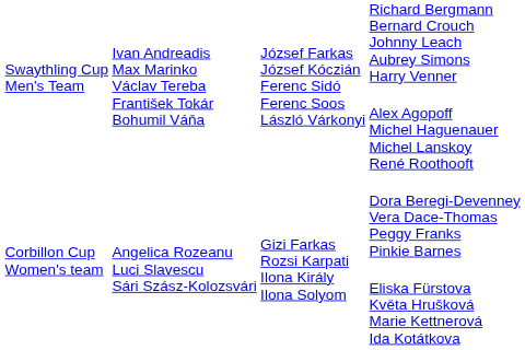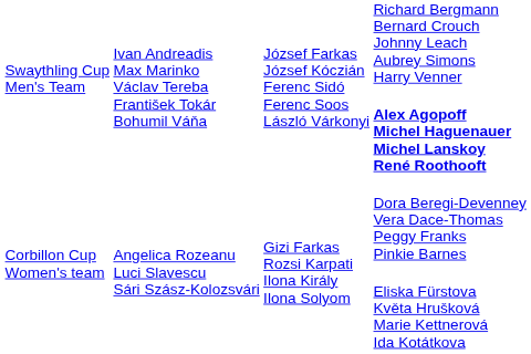 <table>
 <tr>
 <td rowspan=2><a href='#'>Swaythling Cup<br>Men's Team</a></td>
 <td rowspan=2><br><a href='#'>Ivan Andreadis</a><br><a href='#'>Max Marinko</a><br><a href='#'>Václav Tereba</a><br><a href='#'>František Tokár</a><br><a href='#'>Bohumil Váňa</a></td>
 <td rowspan=2><br><a href='#'>József Farkas</a><br><a href='#'>József Kóczián</a><br><a href='#'>Ferenc Sidó</a><br><a href='#'>Ferenc Soos</a><br><a href='#'>László Várkonyi</a></td>
 <td><br><a href='#'>Richard Bergmann</a><br><a href='#'>Bernard Crouch</a><br><a href='#'>Johnny Leach</a><br><a href='#'>Aubrey Simons</a><br><a href='#'>Harry Venner</a></td>
 </tr>
 <tr>
-<td><br><a href='#'>Alex Agopoff</a><br><a href='#'>Michel Haguenauer</a><br><a href='#'>Michel Lanskoy</a><br><a href='#'>René Roothooft</a></td>
+<td><strong><br><a href='#'>Alex Agopoff</a><br><a href='#'>Michel Haguenauer</a><br><a href='#'>Michel Lanskoy</a><br><a href='#'>René Roothooft</a></strong></td>
 </tr>
 <tr>
 <td rowspan=2><a href='#'>Corbillon Cup<br>Women's team</a></td>
 <td rowspan=2><br><a href='#'>Angelica Rozeanu</a><br><a href='#'>Luci Slavescu</a><br><a href='#'>Sári Szász-Kolozsvári</a></td>
 <td rowspan=2><br><a href='#'>Gizi Farkas</a><br><a href='#'>Rozsi Karpati</a><br><a href='#'>Ilona Király</a><br><a href='#'>Ilona Solyom</a></td>
 <td><br><a href='#'>Dora Beregi-Devenney</a><br><a href='#'>Vera Dace-Thomas</a><br><a href='#'>Peggy Franks</a><br><a href='#'>Pinkie Barnes</a></td>
 </tr>
 <tr>
 <td><br><a href='#'>Eliska Fürstova</a><br><a href='#'>Květa Hrušková</a><br><a href='#'>Marie Kettnerová</a><br><a href='#'>Ida Kotátkova</a></td>
 </tr>
 </table>
